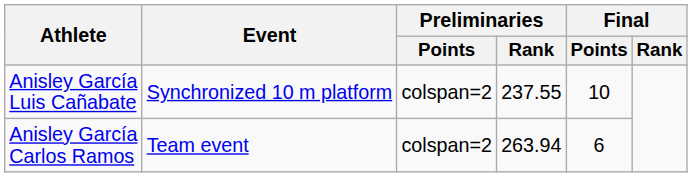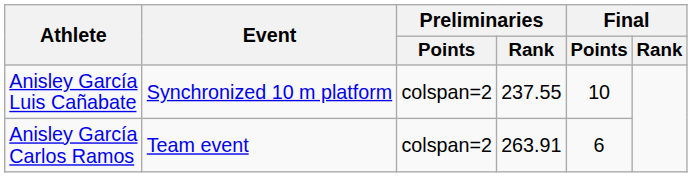 <table class="wikitable" style="text-align:center; font-size:90%">
 <tr>
 <th rowspan="2">Athlete</th>
 <th rowspan="2">Event</th>
 <th colspan="2">Preliminaries</th>
 <th colspan="2">Final</th>
 </tr>
 <tr style="font-size:95%">
 <th>Points</th>
 <th>Rank</th>
 <th>Points</th>
 <th>Rank</th>
 </tr>
 <tr>
 <td align=left><a href='#'>Anisley García</a><br><a href='#'>Luis Cañabate</a></td>
 <td align=left><a href='#'>Synchronized 10 m platform</a></td>
 <td>colspan=2 </td>
 <td>237.55</td>
 <td>10</td>
 </tr>
 <tr>
 <td align=left><a href='#'>Anisley García</a><br><a href='#'>Carlos Ramos</a></td>
 <td align=left><a href='#'>Team event</a></td>
 <td>colspan=2 </td>
-<td>263.94</td>
+<td>263.91</td>
 <td>6</td>
 </tr>
 </table>
